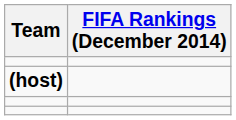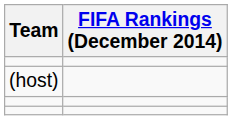 <table class="wikitable sortable" style="text-align: left;">
 <tr>
 <th>Team</th>
 <th><a href='#'>FIFA Rankings</a><br>(December 2014)</th>
 </tr>
 <tr>
 <td></td>
 <td></td>
 </tr>
 <tr>
-<td><strong> (host)</strong></td>
+<td> (host)</td>
 <td></td>
 </tr>
 <tr>
 <td></td>
 <td></td>
 </tr>
 <tr>
 <td></td>
 <td></td>
 </tr>
 </table>
